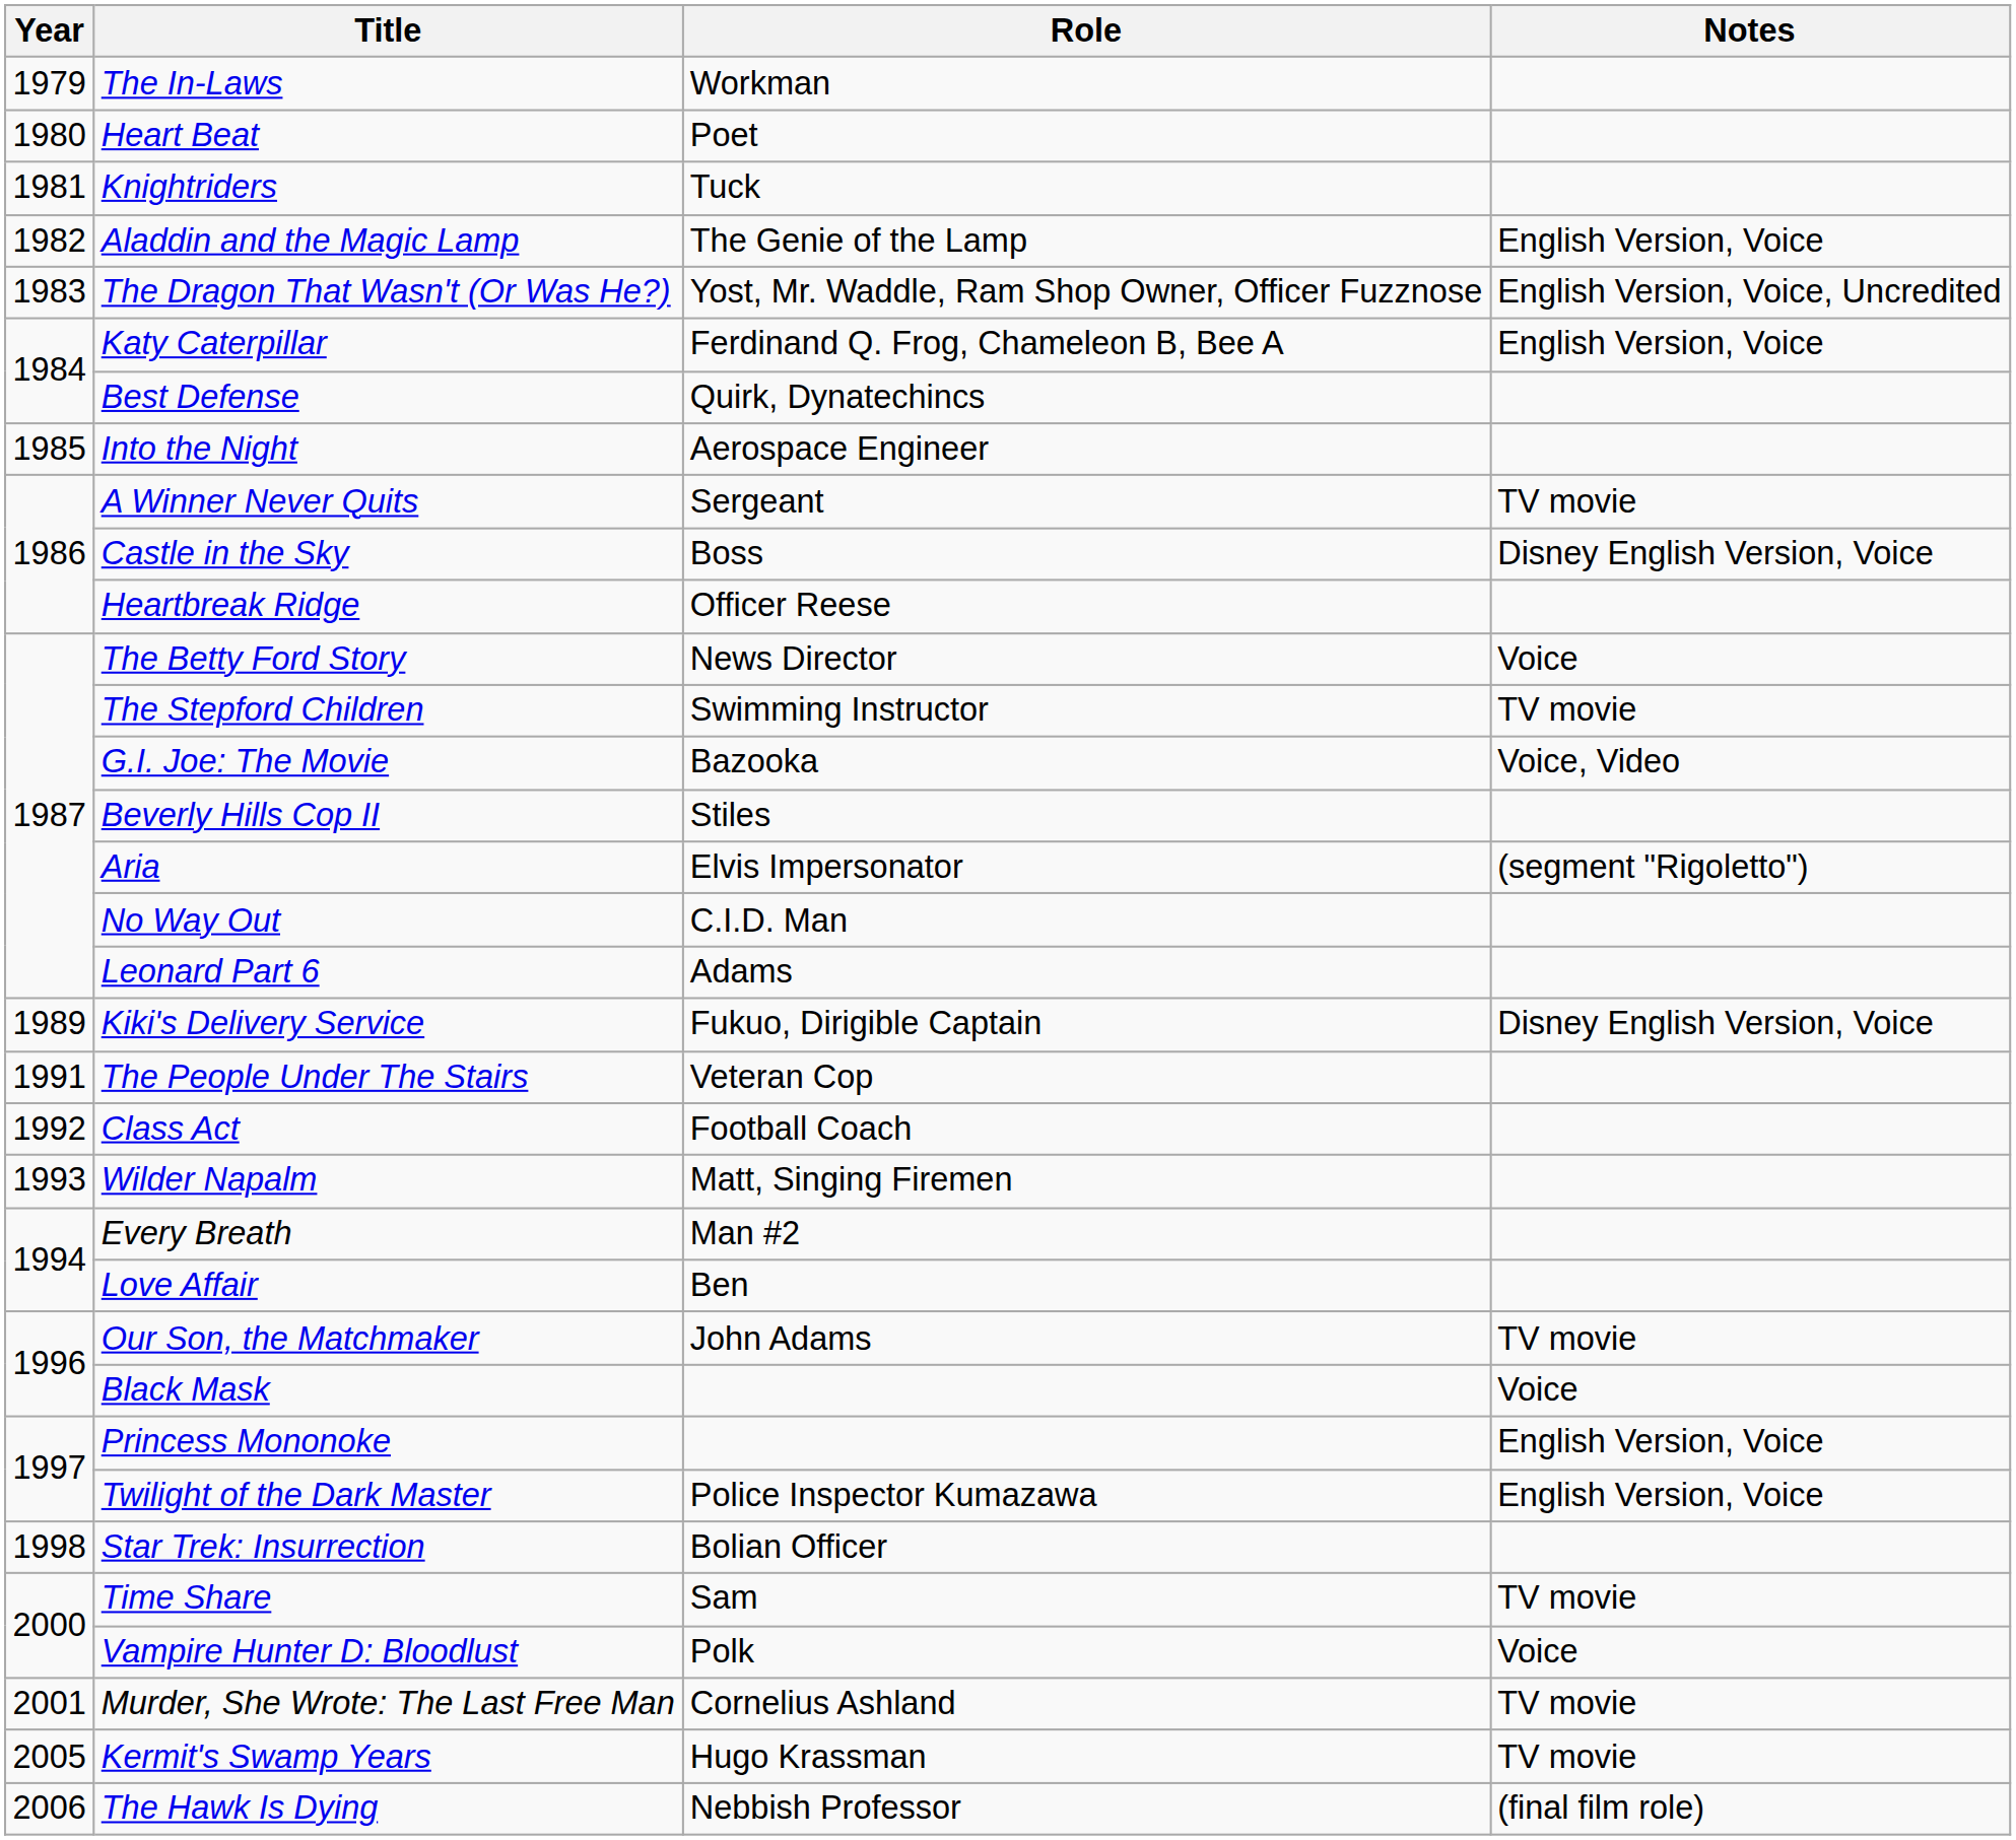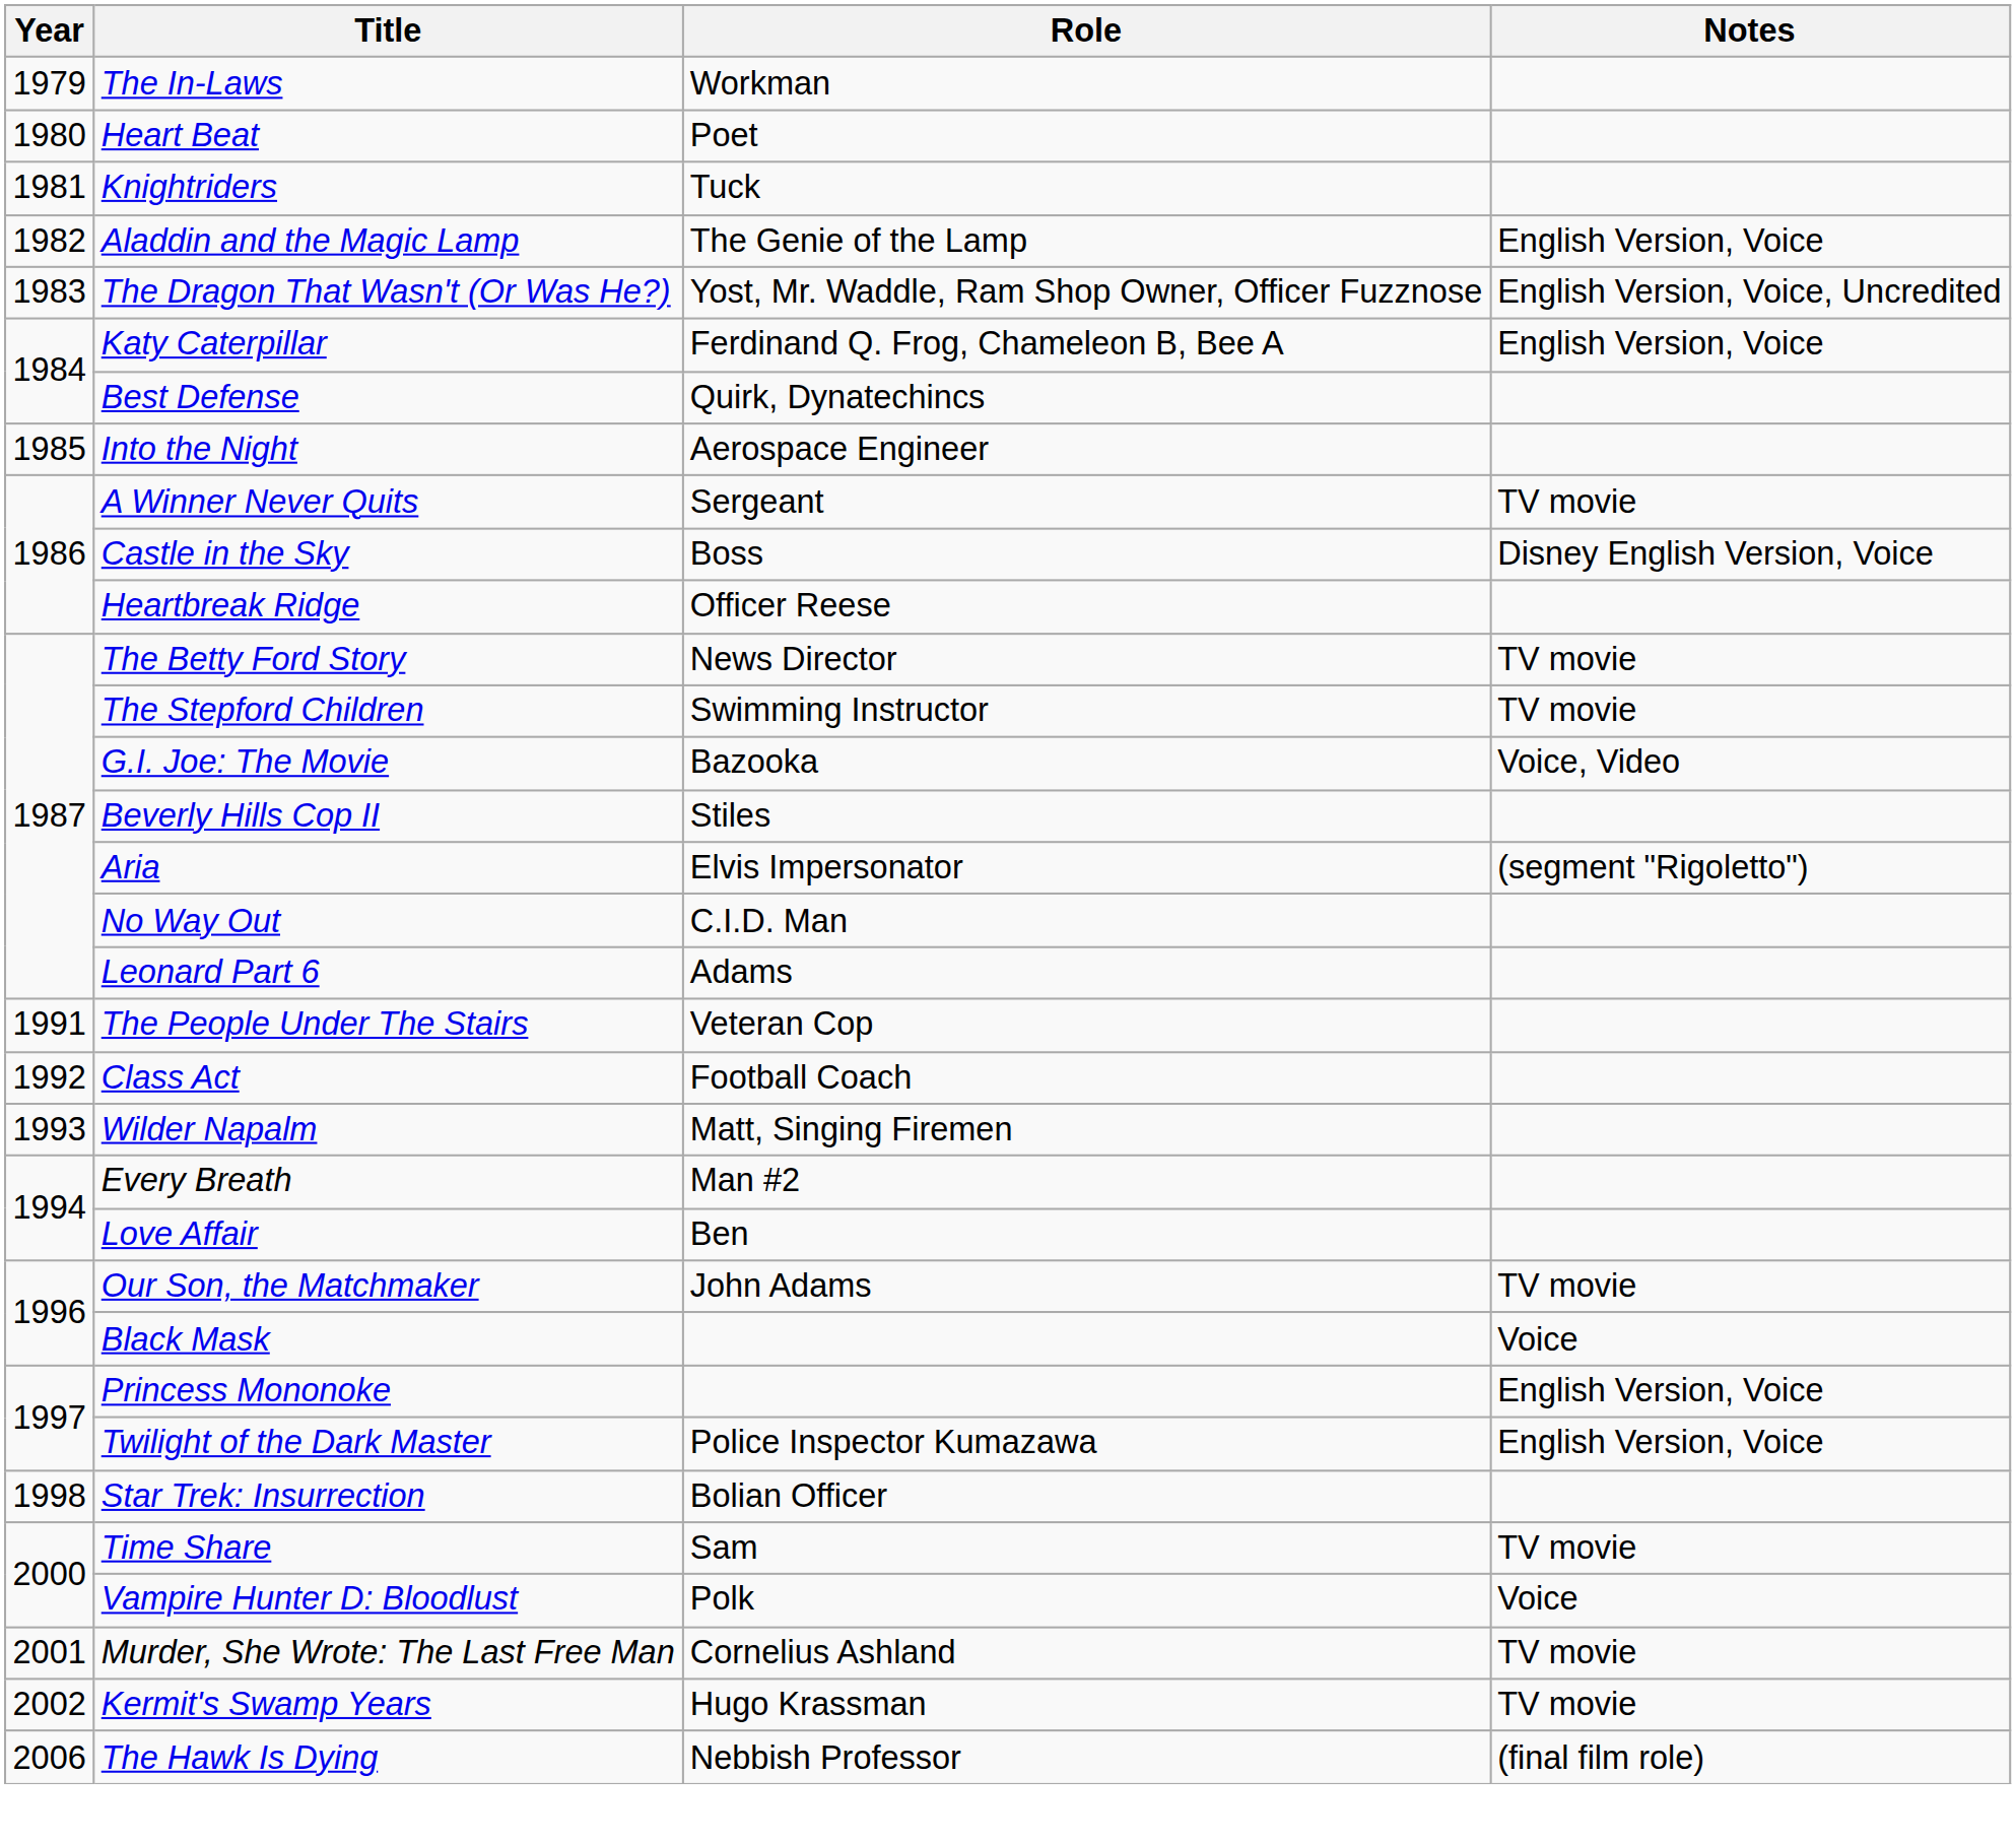 <table class="wikitable">
 <tr>
 <th>Year</th>
 <th>Title</th>
 <th>Role</th>
 <th>Notes</th>
 </tr>
 <tr>
 <td>1979</td>
 <td><em><a href='#'>The In-Laws</a></em></td>
 <td>Workman</td>
 <td></td>
 </tr>
 <tr>
 <td>1980</td>
 <td><em><a href='#'>Heart Beat</a></em></td>
 <td>Poet</td>
 <td></td>
 </tr>
 <tr>
 <td>1981</td>
 <td><em><a href='#'>Knightriders</a></em></td>
 <td>Tuck</td>
 <td></td>
 </tr>
 <tr>
 <td>1982</td>
 <td><em><a href='#'>Aladdin and the Magic Lamp</a></em></td>
 <td>The Genie of the Lamp</td>
 <td>English Version, Voice</td>
 </tr>
 <tr>
 <td>1983</td>
 <td><em><a href='#'>The Dragon That Wasn't (Or Was He?)</a></em></td>
 <td>Yost, Mr. Waddle, Ram Shop Owner, Officer Fuzznose</td>
 <td>English Version, Voice, Uncredited</td>
 </tr>
 <tr>
 <td rowspan= "2">1984</td>
 <td><em><a href='#'>Katy Caterpillar</a></em></td>
 <td>Ferdinand Q. Frog, Chameleon B, Bee A</td>
 <td>English Version, Voice</td>
 </tr>
 <tr>
 <td><em><a href='#'>Best Defense</a></em></td>
 <td>Quirk, Dynatechincs</td>
 <td></td>
 </tr>
 <tr>
 <td>1985</td>
 <td><em><a href='#'>Into the Night</a></em></td>
 <td>Aerospace Engineer</td>
 <td></td>
 </tr>
 <tr>
 <td rowspan= "3">1986</td>
 <td><em><a href='#'>A Winner Never Quits</a></em></td>
 <td>Sergeant</td>
 <td>TV movie</td>
 </tr>
 <tr>
 <td><em><a href='#'>Castle in the Sky</a></em></td>
 <td>Boss</td>
 <td>Disney English Version, Voice</td>
 </tr>
 <tr>
 <td><em><a href='#'>Heartbreak Ridge</a></em></td>
 <td>Officer Reese</td>
 <td></td>
 </tr>
 <tr>
 <td rowspan= "7">1987</td>
 <td><em><a href='#'>The Betty Ford Story</a></em></td>
 <td>News Director</td>
-<td>Voice</td>
+<td>TV movie</td>
 </tr>
 <tr>
 <td><em><a href='#'>The Stepford Children</a></em></td>
 <td>Swimming Instructor</td>
 <td>TV movie</td>
 </tr>
 <tr>
 <td><em><a href='#'>G.I. Joe: The Movie</a></em></td>
 <td>Bazooka</td>
 <td>Voice, Video</td>
 </tr>
 <tr>
 <td><em><a href='#'>Beverly Hills Cop II</a></em></td>
 <td>Stiles</td>
 <td></td>
 </tr>
 <tr>
 <td><em><a href='#'>Aria</a></em></td>
 <td>Elvis Impersonator</td>
 <td>(segment "Rigoletto")</td>
 </tr>
 <tr>
 <td><em><a href='#'>No Way Out</a></em></td>
 <td>C.I.D. Man</td>
 <td></td>
 </tr>
 <tr>
 <td><em><a href='#'>Leonard Part 6</a></em></td>
 <td>Adams</td>
 <td></td>
-</tr>
-<tr>
-<td>1989</td>
-<td><em><a href='#'>Kiki's Delivery Service</a></em></td>
-<td>Fukuo, Dirigible Captain</td>
-<td>Disney English Version, Voice</td>
 </tr>
 <tr>
 <td>1991</td>
 <td><em><a href='#'>The People Under The Stairs</a></em></td>
 <td>Veteran Cop</td>
 <td></td>
 </tr>
 <tr>
 <td>1992</td>
 <td><em><a href='#'>Class Act</a></em></td>
 <td>Football Coach</td>
 <td></td>
 </tr>
 <tr>
 <td>1993</td>
 <td><em><a href='#'>Wilder Napalm</a></em></td>
 <td>Matt, Singing Firemen</td>
 <td></td>
 </tr>
 <tr>
 <td rowspan= "2">1994</td>
 <td><em>Every Breath</em></td>
 <td>Man #2</td>
 <td></td>
 </tr>
 <tr>
 <td><em><a href='#'>Love Affair</a></em></td>
 <td>Ben</td>
 <td></td>
 </tr>
 <tr>
 <td rowspan= "2">1996</td>
 <td><em><a href='#'>Our Son, the Matchmaker</a></em></td>
 <td>John Adams</td>
 <td>TV movie</td>
 </tr>
 <tr>
 <td><em><a href='#'>Black Mask</a></em></td>
 <td></td>
 <td>Voice</td>
 </tr>
 <tr>
 <td rowspan= "2">1997</td>
 <td><em><a href='#'>Princess Mononoke</a></em></td>
 <td></td>
 <td>English Version, Voice</td>
 </tr>
 <tr>
 <td><em><a href='#'>Twilight of the Dark Master</a></em></td>
 <td>Police Inspector Kumazawa</td>
 <td>English Version, Voice</td>
 </tr>
 <tr>
 <td>1998</td>
 <td><em><a href='#'>Star Trek: Insurrection</a></em></td>
 <td>Bolian Officer</td>
 <td></td>
 </tr>
 <tr>
 <td rowspan= "2">2000</td>
 <td><em><a href='#'>Time Share</a></em></td>
 <td>Sam</td>
 <td>TV movie</td>
 </tr>
 <tr>
 <td><em><a href='#'>Vampire Hunter D: Bloodlust</a></em></td>
 <td>Polk</td>
 <td>Voice</td>
 </tr>
 <tr>
 <td>2001</td>
 <td><em>Murder, She Wrote: The Last Free Man</em></td>
 <td>Cornelius Ashland</td>
 <td>TV movie</td>
 </tr>
 <tr>
-<td>2005</td>
+<td>2002</td>
 <td><em><a href='#'>Kermit's Swamp Years</a></em></td>
 <td>Hugo Krassman</td>
 <td>TV movie</td>
 </tr>
 <tr>
 <td>2006</td>
 <td><em><a href='#'>The Hawk Is Dying</a></em></td>
 <td>Nebbish Professor</td>
 <td>(final film role)</td>
 </tr>
 </table>
